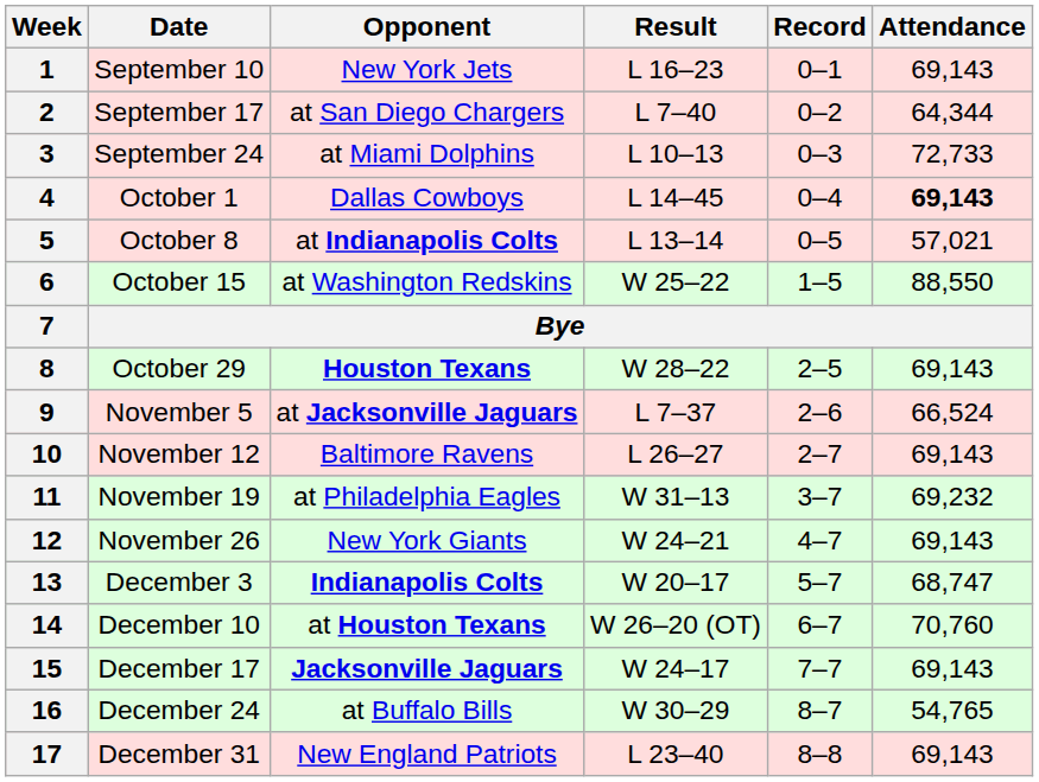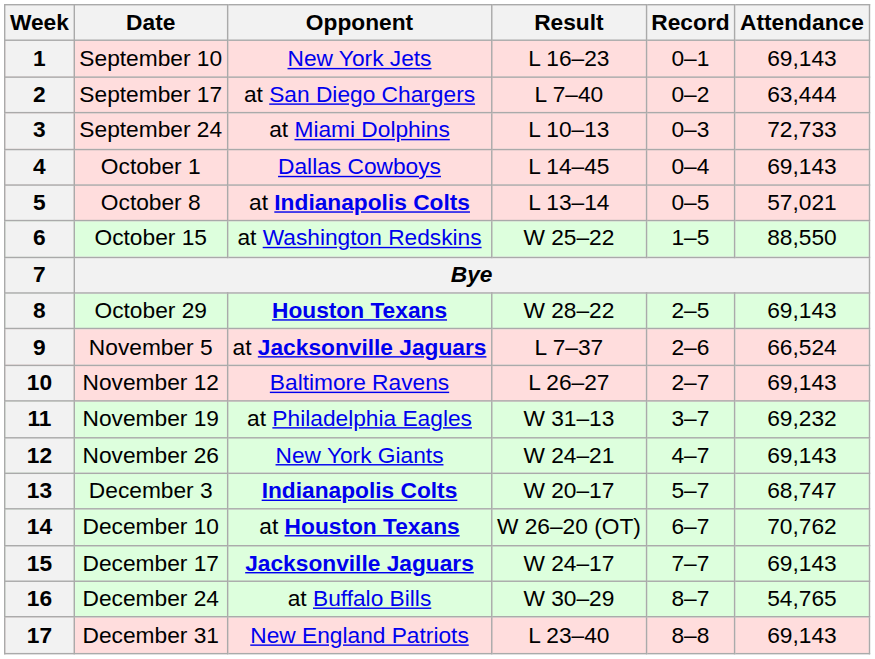 <table class="wikitable" style="text-align:center">
 <tr>
 <th>Week</th>
 <th>Date</th>
 <th>Opponent</th>
 <th>Result</th>
 <th>Record</th>
 <th>Attendance</th>
 </tr>
 <tr style="background:#fdd;">
 <th>1</th>
 <td>September 10</td>
 <td><a href='#'>New York Jets</a></td>
 <td>L 16–23</td>
 <td>0–1</td>
 <td>69,143</td>
 </tr>
 <tr style="background:#fdd;">
 <th>2</th>
 <td>September 17</td>
 <td>at <a href='#'>San Diego Chargers</a></td>
 <td>L 7–40</td>
 <td>0–2</td>
-<td>64,344</td>
+<td>63,444</td>
 </tr>
 <tr style="background:#fdd;">
 <th>3</th>
 <td>September 24</td>
 <td>at <a href='#'>Miami Dolphins</a></td>
 <td>L 10–13</td>
 <td>0–3</td>
 <td>72,733</td>
 </tr>
 <tr style="background:#fdd;">
 <th>4</th>
 <td>October 1</td>
 <td><a href='#'>Dallas Cowboys</a></td>
 <td>L 14–45</td>
 <td>0–4</td>
-<td><strong>69,143</strong></td>
+<td>69,143</td>
 </tr>
 <tr style="background:#fdd;">
 <th>5</th>
 <td>October 8</td>
 <td>at <strong><a href='#'>Indianapolis Colts</a></strong></td>
 <td>L 13–14</td>
 <td>0–5</td>
 <td>57,021</td>
 </tr>
 <tr style="background:#dfd;">
 <th>6</th>
 <td>October 15</td>
 <td>at <a href='#'>Washington Redskins</a></td>
 <td>W 25–22</td>
 <td>1–5</td>
 <td>88,550</td>
 </tr>
 <tr>
 <th>7</th>
 <th colspan="5"><em>Bye</em></th>
 </tr>
 <tr style="background:#dfd;">
 <th>8</th>
 <td>October 29</td>
 <td><strong><a href='#'>Houston Texans</a></strong></td>
 <td>W 28–22</td>
 <td>2–5</td>
 <td>69,143</td>
 </tr>
 <tr style="background:#fdd;">
 <th>9</th>
 <td>November 5</td>
 <td>at <strong><a href='#'>Jacksonville Jaguars</a></strong></td>
 <td>L 7–37</td>
 <td>2–6</td>
 <td>66,524</td>
 </tr>
 <tr style="background:#fdd;">
 <th>10</th>
 <td>November 12</td>
 <td><a href='#'>Baltimore Ravens</a></td>
 <td>L 26–27</td>
 <td>2–7</td>
 <td>69,143</td>
 </tr>
 <tr style="background:#dfd;">
 <th>11</th>
 <td>November 19</td>
 <td>at <a href='#'>Philadelphia Eagles</a></td>
 <td>W 31–13</td>
 <td>3–7</td>
 <td>69,232</td>
 </tr>
 <tr style="background:#dfd;">
 <th>12</th>
 <td>November 26</td>
 <td><a href='#'>New York Giants</a></td>
 <td>W 24–21</td>
 <td>4–7</td>
 <td>69,143</td>
 </tr>
 <tr style="background:#dfd;">
 <th>13</th>
 <td>December 3</td>
 <td><strong><a href='#'>Indianapolis Colts</a></strong></td>
 <td>W 20–17</td>
 <td>5–7</td>
 <td>68,747</td>
 </tr>
 <tr style="background:#dfd;">
 <th>14</th>
 <td>December 10</td>
 <td>at <strong><a href='#'>Houston Texans</a></strong></td>
 <td>W 26–20 (OT)</td>
 <td>6–7</td>
-<td>70,760</td>
+<td>70,762</td>
 </tr>
 <tr style="background:#dfd;">
 <th>15</th>
 <td>December 17</td>
 <td><strong><a href='#'>Jacksonville Jaguars</a></strong></td>
 <td>W 24–17</td>
 <td>7–7</td>
 <td>69,143</td>
 </tr>
 <tr style="background:#dfd;">
 <th>16</th>
 <td>December 24</td>
 <td>at <a href='#'>Buffalo Bills</a></td>
 <td>W 30–29</td>
 <td>8–7</td>
 <td>54,765</td>
 </tr>
 <tr style="background:#fdd;">
 <th>17</th>
 <td>December 31</td>
 <td><a href='#'>New England Patriots</a></td>
 <td>L 23–40</td>
 <td>8–8</td>
 <td>69,143</td>
 </tr>
 </table>
